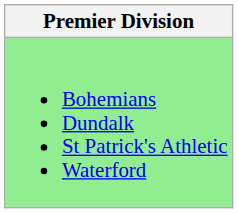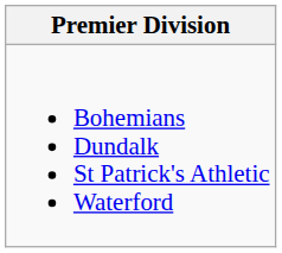 <table class="wikitable">
 <tr>
 <th>Premier Division</th>
 </tr>
 <tr>
-<td valign="top" style="background: lightgreen;"><br><ul><li><a href='#'>Bohemians</a></li><li><a href='#'>Dundalk</a></li><li><a href='#'>St Patrick's Athletic</a></li><li><a href='#'>Waterford</a></li></ul></td>
+<td valign="top"><br><ul><li><a href='#'>Bohemians</a></li><li><a href='#'>Dundalk</a></li><li><a href='#'>St Patrick's Athletic</a></li><li><a href='#'>Waterford</a></li></ul></td>
 </tr>
 </table>
